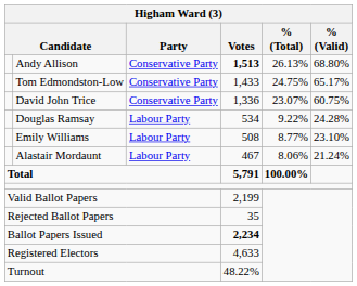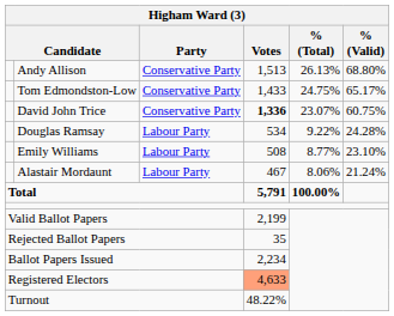 <table class="wikitable" border="1" style="text-align:right; font-size:100%">
 <tr>
 <th align=center colspan=6>Higham Ward (3)</th>
 </tr>
 <tr>
 <th valign=bottom align=left colspan=2>Candidate</th>
 <th valign=bottom align=left>Party</th>
 <th valign=bottom align=center>Votes</th>
 <th align=center>%<br>(Total)</th>
 <th align=center>%<br>(Valid)</th>
 </tr>
 <tr>
 <td bgcolor=> </td>
 <td align=left>Andy Allison</td>
 <td align=left><a href='#'>Conservative Party</a></td>
-<td><strong>1,513</strong></td>
+<td>1,513</td>
 <td>26.13%</td>
 <td>68.80%</td>
 </tr>
 <tr>
 <td bgcolor=> </td>
 <td align=left>Tom Edmondston-Low</td>
 <td align=left><a href='#'>Conservative Party</a></td>
 <td>1,433</td>
 <td>24.75%</td>
 <td>65.17%</td>
 </tr>
 <tr>
 <td bgcolor=> </td>
 <td align=left>David John Trice</td>
 <td align=left><a href='#'>Conservative Party</a></td>
-<td>1,336</td>
+<td><strong>1,336</strong></td>
 <td>23.07%</td>
 <td>60.75%</td>
 </tr>
 <tr>
 <td bgcolor=> </td>
 <td align=left>Douglas Ramsay</td>
 <td align=left><a href='#'>Labour Party</a></td>
 <td>534</td>
 <td>9.22%</td>
 <td>24.28%</td>
 </tr>
 <tr>
 <td bgcolor=> </td>
 <td align=left>Emily Williams</td>
 <td align=left><a href='#'>Labour Party</a></td>
 <td>508</td>
 <td>8.77%</td>
 <td>23.10%</td>
 </tr>
 <tr>
 <td bgcolor=> </td>
 <td align=left>Alastair Mordaunt</td>
 <td align=left><a href='#'>Labour Party</a></td>
 <td>467</td>
 <td>8.06%</td>
 <td>21.24%</td>
 </tr>
 <tr>
 <td align=left colspan=3><strong>Total</strong></td>
 <td><strong>5,791</strong></td>
 <td><strong>100.00%</strong></td>
 <td></td>
 </tr>
 <tr>
 <td align=left colspan=6></td>
 </tr>
 <tr>
 <td align=left colspan=3>Valid Ballot Papers</td>
 <td>2,199</td>
 <td colspan=2 rowspan=5></td>
 </tr>
 <tr>
 <td align=left colspan=3>Rejected Ballot Papers</td>
 <td>35</td>
 </tr>
 <tr>
 <td align=left colspan=3>Ballot Papers Issued</td>
-<td><strong>2,234</strong></td>
+<td>2,234</td>
 </tr>
 <tr>
 <td align=left colspan=3>Registered Electors</td>
-<td>4,633</td>
+<td style="background: lightsalmon;">4,633</td>
 </tr>
 <tr>
 <td align=left colspan=3>Turnout</td>
 <td>48.22%</td>
 </tr>
 </table>
